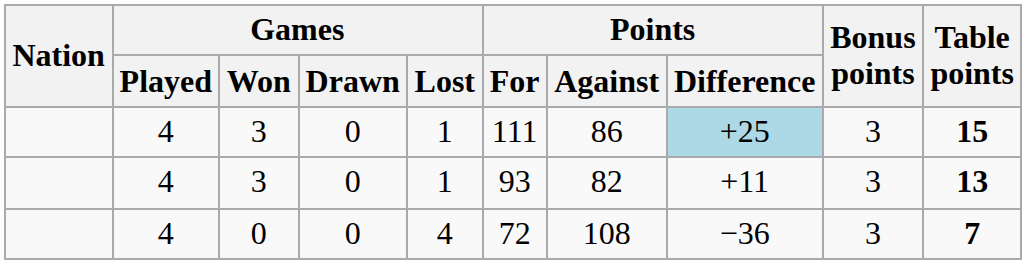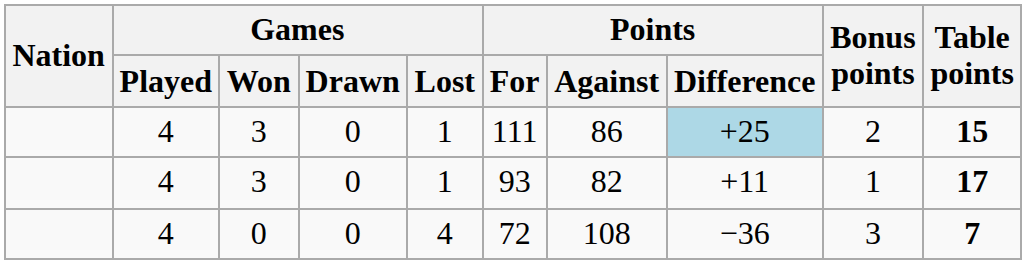 <table class="wikitable" style="text-align:center">
 <tr>
 <th rowspan=2>Nation</th>
 <th colspan=4>Games</th>
 <th colspan=3>Points</th>
 <th rowspan=2>Bonus<br>points</th>
 <th rowspan=2>Table<br>points</th>
 </tr>
 <tr>
 <th>Played</th>
 <th>Won</th>
 <th>Drawn</th>
 <th>Lost</th>
 <th>For</th>
 <th>Against</th>
 <th>Difference</th>
 </tr>
 <tr>
 <td align=left></td>
 <td>4</td>
 <td>3</td>
 <td>0</td>
 <td>1</td>
 <td>111</td>
 <td>86</td>
 <td style="background: lightblue;">+25</td>
-<td>3</td>
+<td>2</td>
 <td><strong>15</strong></td>
 </tr>
 <tr>
 <td align=left></td>
 <td>4</td>
 <td>3</td>
 <td>0</td>
 <td>1</td>
 <td>93</td>
 <td>82</td>
 <td>+11</td>
-<td>3</td>
-<td><strong>13</strong></td>
+<td>1</td>
+<td><strong>17</strong></td>
 </tr>
 <tr>
 <td align=left></td>
 <td>4</td>
 <td>0</td>
 <td>0</td>
 <td>4</td>
 <td>72</td>
 <td>108</td>
 <td>−36</td>
 <td>3</td>
 <td><strong>7</strong></td>
 </tr>
 </table>
